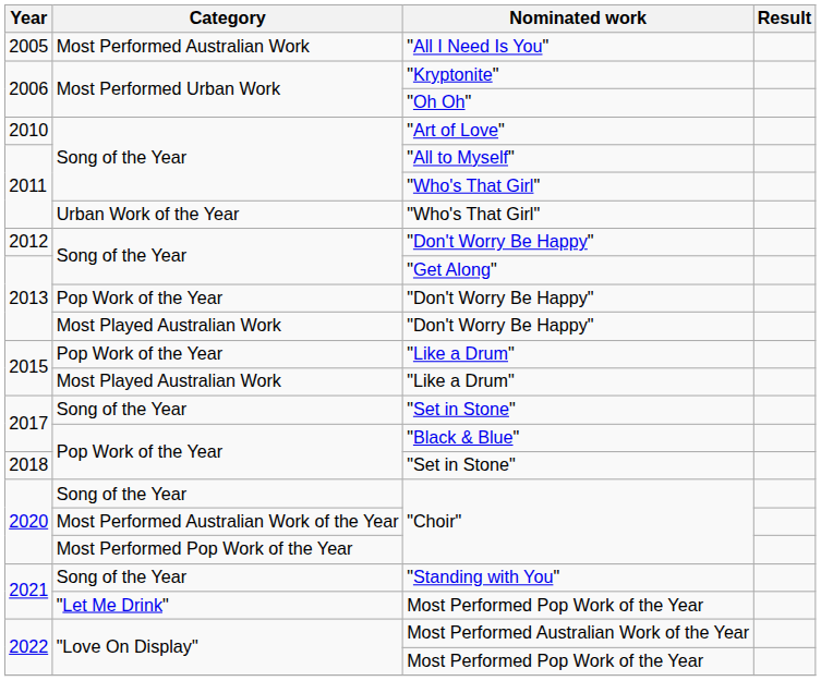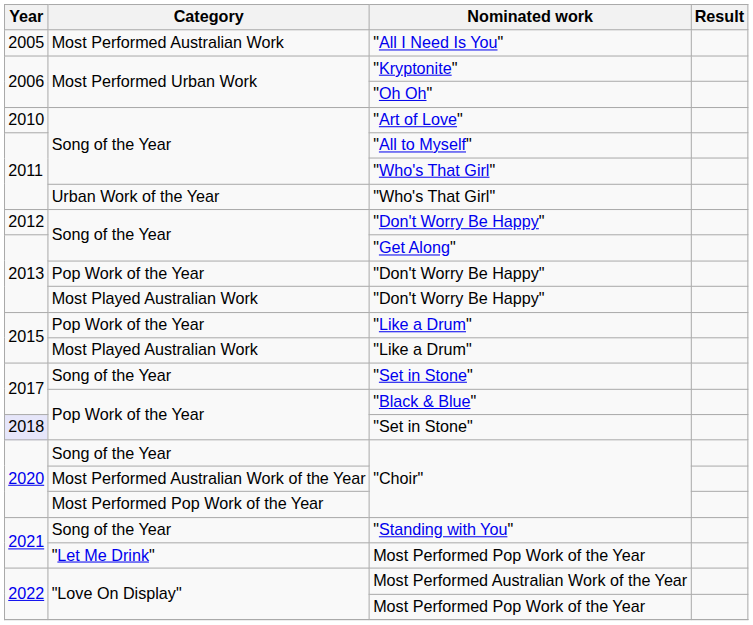 <table class="wikitable">
 <tr>
 <th>Year</th>
 <th>Category</th>
 <th>Nominated work</th>
 <th>Result</th>
 </tr>
 <tr>
 <td>2005</td>
 <td>Most Performed Australian Work</td>
 <td>"<a href='#'>All I Need Is You</a>"</td>
 <td></td>
 </tr>
 <tr>
 <td rowspan="2">2006</td>
 <td rowspan="2">Most Performed Urban Work</td>
 <td>"<a href='#'>Kryptonite</a>"</td>
 <td></td>
 </tr>
 <tr>
 <td>"<a href='#'>Oh Oh</a>"</td>
 <td></td>
 </tr>
 <tr>
 <td>2010</td>
 <td rowspan="3">Song of the Year</td>
 <td>"<a href='#'>Art of Love</a>"</td>
 <td></td>
 </tr>
 <tr>
 <td rowspan="3">2011</td>
 <td>"<a href='#'>All to Myself</a>"</td>
 <td></td>
 </tr>
 <tr>
 <td>"<a href='#'>Who's That Girl</a>"</td>
 <td></td>
 </tr>
 <tr>
 <td>Urban Work of the Year</td>
 <td>"Who's That Girl"</td>
 <td></td>
 </tr>
 <tr>
 <td>2012</td>
 <td rowspan="2">Song of the Year</td>
 <td>"<a href='#'>Don't Worry Be Happy</a>"</td>
 <td></td>
 </tr>
 <tr>
 <td rowspan="3">2013</td>
 <td>"<a href='#'>Get Along</a>"</td>
 <td></td>
 </tr>
 <tr>
 <td>Pop Work of the Year</td>
 <td>"Don't Worry Be Happy"</td>
 <td></td>
 </tr>
 <tr>
 <td>Most Played Australian Work</td>
 <td>"Don't Worry Be Happy"</td>
 <td></td>
 </tr>
 <tr>
 <td rowspan="2">2015</td>
 <td>Pop Work of the Year</td>
 <td>"<a href='#'>Like a Drum</a>"</td>
 <td></td>
 </tr>
 <tr>
 <td>Most Played Australian Work</td>
 <td>"Like a Drum"</td>
 <td></td>
 </tr>
 <tr>
 <td rowspan="2">2017</td>
 <td>Song of the Year</td>
 <td>"<a href='#'>Set in Stone</a>"</td>
 <td></td>
 </tr>
 <tr>
 <td rowspan="2">Pop Work of the Year</td>
 <td>"<a href='#'>Black & Blue</a>"</td>
 <td></td>
 </tr>
 <tr>
-<td>2018</td>
+<td style="background: lavender;">2018</td>
 <td>"Set in Stone"</td>
 <td></td>
 </tr>
 <tr>
 <td rowspan="3"><a href='#'>2020</a></td>
 <td>Song of the Year</td>
 <td rowspan="3">"Choir"</td>
 <td></td>
 </tr>
 <tr>
 <td>Most Performed Australian Work of the Year</td>
 <td></td>
 </tr>
 <tr>
 <td>Most Performed Pop Work of the Year</td>
 <td></td>
 </tr>
 <tr>
 <td rowspan="2"><a href='#'>2021</a></td>
 <td>Song of the Year</td>
 <td>"<a href='#'>Standing with You</a>"</td>
 <td></td>
 </tr>
 <tr>
 <td>"<a href='#'>Let Me Drink</a>"</td>
 <td>Most Performed Pop Work of the Year</td>
 <td></td>
 </tr>
 <tr>
 <td rowspan="2"><a href='#'>2022</a></td>
 <td rowspan="2">"Love On Display"</td>
 <td>Most Performed Australian Work of the Year</td>
 <td></td>
 </tr>
 <tr>
 <td>Most Performed Pop Work of the Year</td>
 <td></td>
 </tr>
 <tr>
 </tr>
 </table>
